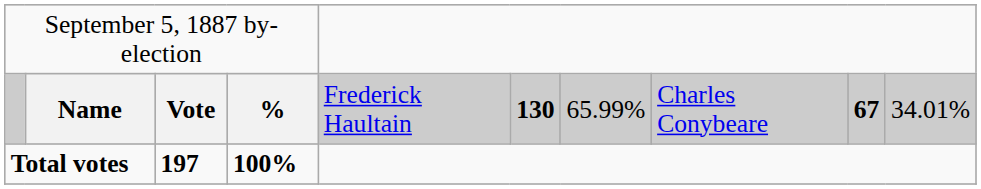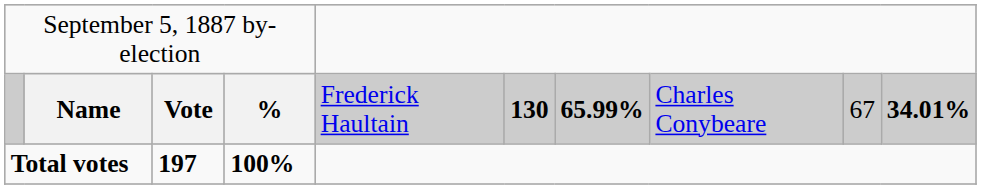 <table class="wikitable">
 <tr>
 <td colspan=4 align=center>September 5, 1887 by-election</td>
 </tr>
 <tr bgcolor="CCCCCC">
 <td></td>
 <th>Name</th>
 <th>Vote</th>
 <th>%<br></th>
 <td><a href='#'>Frederick Haultain</a></td>
 <td><strong>130</strong></td>
-<td>65.99%<br></td>
+<td><strong>65.99%<br></strong></td>
 <td><a href='#'>Charles Conybeare</a></td>
-<td><strong>67</strong></td>
-<td>34.01%</td>
+<td>67</td>
+<td><strong>34.01%</strong></td>
 </tr>
 <tr>
 <td colspan=2><strong>Total votes</strong></td>
 <td><strong>197</strong></td>
 <td alignment="left"><strong>100%</strong></td>
 </tr>
 </table>
